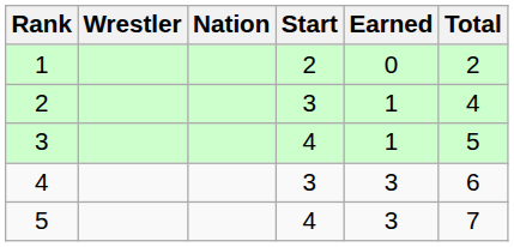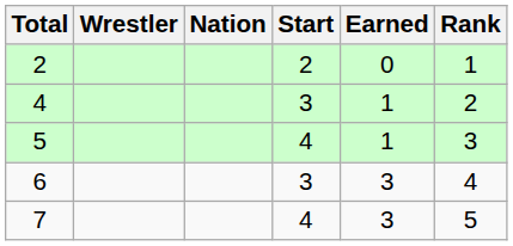 <table class="wikitable sortable" style="text-align:center;">
 <tr>
-<th>Rank</th>
+<th>Total</th>
 <th>Wrestler</th>
 <th>Nation</th>
 <th>Start</th>
 <th>Earned</th>
-<th>Total</th>
-</tr>
-<tr style="background:#cfc;">
-<td>1</td>
-<td align=left></td>
-<td align=left></td>
-<td>2</td>
-<td>0</td>
-<td>2</td>
+<th>Rank</th>
 </tr>
 <tr style="background:#cfc;">
 <td>2</td>
 <td align=left></td>
 <td align=left></td>
+<td>2</td>
+<td>0</td>
+<td>1</td>
+</tr>
+<tr style="background:#cfc;">
+<td>4</td>
+<td align=left></td>
+<td align=left></td>
 <td>3</td>
 <td>1</td>
-<td>4</td>
+<td>2</td>
 </tr>
 <tr style="background:#cfc;">
-<td>3</td>
+<td>5</td>
 <td align=left></td>
 <td align=left></td>
 <td>4</td>
 <td>1</td>
-<td>5</td>
+<td>3</td>
 </tr>
 <tr>
-<td>4</td>
+<td>6</td>
 <td align=left></td>
 <td align=left></td>
 <td>3</td>
 <td>3</td>
-<td>6</td>
+<td>4</td>
 </tr>
 <tr>
-<td>5</td>
+<td>7</td>
 <td align=left></td>
 <td align=left></td>
 <td>4</td>
 <td>3</td>
-<td>7</td>
+<td>5</td>
 </tr>
 </table>
